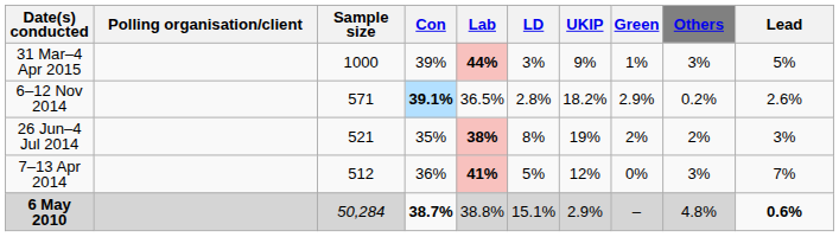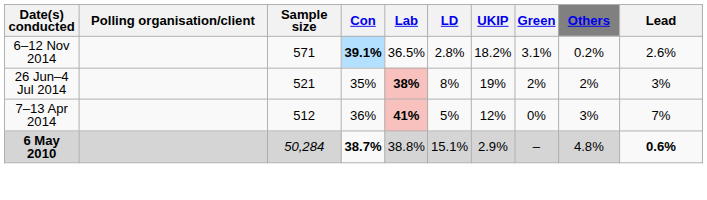 <table class="wikitable sortable" style="text-align:center;font-size:90%;line-height:14px">
 <tr>
 <th ! style="width:75px;">Date(s)<br>conducted</th>
 <th style="width:200px;">Polling organisation/client</th>
 <th class="unsortable" style="width:75px;">Sample size</th>
 <th class="unsortable" style="background:"><a href='#'><span>Con</span></a></th>
 <th class="unsortable" style="background:"><a href='#'><span>Lab</span></a></th>
 <th class="unsortable" style="background:"><a href='#'><span>LD</span></a></th>
 <th class="unsortable" style="background:"><a href='#'><span>UKIP</span></a></th>
 <th class="unsortable" style="background:"><a href='#'><span>Green</span></a></th>
 <th class="unsortable" style="background:gray; width:60px;"><a href='#'><span>Others</span></a></th>
 <th class="unsortable" style="width:85px;">Lead</th>
 </tr>
 <tr>
-<td>31 Mar–4 Apr 2015</td>
-<td></td>
-<td>1000</td>
-<td>39%</td>
-<td style="background:#F8C1BE"><strong>44%</strong></td>
-<td>3%</td>
-<td>9%</td>
-<td>1%</td>
-<td>3%</td>
-<td style="background:">5%</td>
-</tr>
-<tr>
 <td>6–12 Nov 2014</td>
 <td></td>
 <td>571</td>
 <td style="background:#B3E0FF"><strong>39.1%</strong></td>
 <td>36.5%</td>
 <td>2.8%</td>
 <td>18.2%</td>
-<td>2.9%</td>
+<td>3.1%</td>
 <td>0.2%</td>
 <td style="background:">2.6%</td>
 </tr>
 <tr>
 <td>26 Jun–4 Jul 2014</td>
 <td></td>
 <td>521</td>
 <td>35%</td>
 <td style="background:#F8C1BE"><strong>38%</strong></td>
 <td>8%</td>
 <td>19%</td>
 <td>2%</td>
 <td>2%</td>
 <td style="background:">3%</td>
 </tr>
 <tr>
 <td>7–13 Apr 2014</td>
 <td></td>
 <td>512</td>
 <td>36%</td>
 <td style="background:#F8C1BE"><strong>41%</strong></td>
 <td>5%</td>
 <td>12%</td>
 <td>0%</td>
 <td>3%</td>
 <td style="background:">7%</td>
 </tr>
 <tr>
 <td style="background:#D5D5D5"><strong>6 May 2010</strong></td>
 <td style="background:#D5D5D5"></td>
 <td style="background:#D5D5D5"><em>50,284</em></td>
 <td style="background:"><strong>38.7%</strong></td>
 <td style="background:#D5D5D5">38.8%</td>
 <td style="background:#D5D5D5">15.1%</td>
 <td style="background:#D5D5D5">2.9%</td>
 <td style="background:#D5D5D5">–</td>
 <td style="background:#D5D5D5">4.8%</td>
 <td style="background:"><strong>0.6% </strong></td>
 </tr>
 </table>
